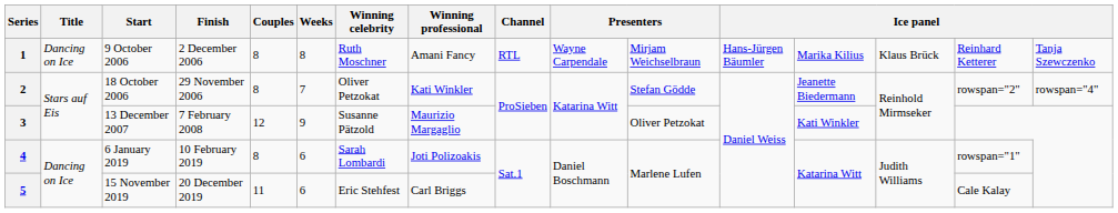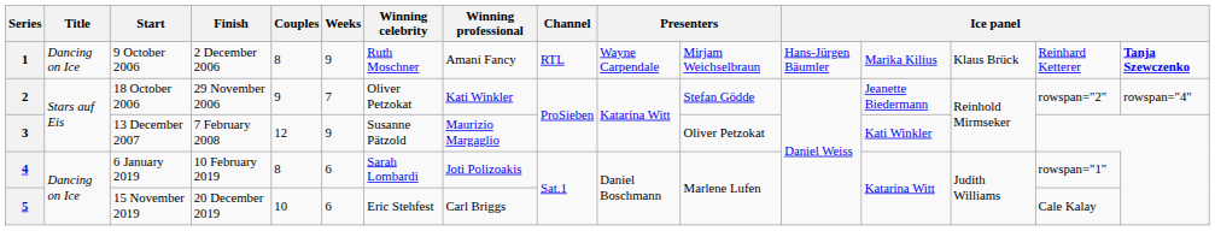 <table class="wikitable" style="font-size:85%; width:100%;">
 <tr>
 <th scope="col">Series</th>
 <th scope="col">Title</th>
 <th scope="col">Start</th>
 <th scope="col">Finish</th>
 <th scope="col">Couples</th>
 <th scope="col">Weeks</th>
 <th scope="col">Winning celebrity</th>
 <th scope="col!">Winning professional</th>
 <th scope="col">Channel</th>
 <th scope="col" colspan="2">Presenters</th>
 <th scope="col" colspan="5">Ice panel</th>
 </tr>
 <tr>
 <th scope="row">1</th>
 <td><em>Dancing on Ice</em></td>
 <td>9 October 2006</td>
 <td>2 December 2006</td>
 <td>8</td>
-<td>8</td>
+<td>9</td>
 <td><a href='#'>Ruth Moschner</a></td>
 <td>Amani Fancy</td>
 <td><a href='#'>RTL</a></td>
 <td><a href='#'>Wayne Carpendale</a></td>
 <td><a href='#'>Mirjam Weichselbraun</a></td>
 <td><a href='#'>Hans-Jürgen Bäumler</a></td>
 <td><a href='#'>Marika Kilius</a></td>
 <td>Klaus Brück</td>
 <td><a href='#'>Reinhard Ketterer</a></td>
-<td><a href='#'>Tanja Szewczenko</a></td>
+<td><strong><a href='#'>Tanja Szewczenko</a></strong></td>
 </tr>
 <tr>
 <th scope="row">2</th>
 <td rowspan="2"><em>Stars auf Eis</em></td>
 <td>18 October 2006</td>
 <td>29 November 2006</td>
-<td>8</td>
+<td>9</td>
 <td>7</td>
 <td>Oliver Petzokat</td>
 <td><a href='#'>Kati Winkler</a></td>
 <td rowspan="2"><a href='#'>ProSieben</a></td>
 <td rowspan="2"><a href='#'>Katarina Witt</a></td>
 <td><a href='#'>Stefan Gödde</a></td>
 <td rowspan="4"><a href='#'>Daniel Weiss</a></td>
 <td><a href='#'>Jeanette Biedermann</a></td>
 <td rowspan="2">Reinhold Mirmseker</td>
 <td>rowspan="2" </td>
 <td>rowspan="4" </td>
 </tr>
 <tr>
 <th scope="row">3</th>
 <td>13 December 2007</td>
 <td>7 February 2008</td>
 <td>12</td>
 <td>9</td>
 <td>Susanne Pätzold</td>
 <td><a href='#'>Maurizio Margaglio</a></td>
 <td>Oliver Petzokat</td>
 <td><a href='#'>Kati Winkler</a></td>
 </tr>
 <tr>
 <th scope="col"><a href='#'>4</a></th>
 <td rowspan="2"><em>Dancing on Ice</em></td>
 <td>6 January 2019</td>
 <td>10 February 2019</td>
 <td>8</td>
 <td>6</td>
 <td><a href='#'>Sarah Lombardi</a></td>
 <td><a href='#'>Joti Polizoakis</a></td>
 <td rowspan="2"><a href='#'>Sat.1</a></td>
 <td rowspan="2">Daniel Boschmann</td>
 <td rowspan="2">Marlene Lufen</td>
 <td rowspan="2"><a href='#'>Katarina Witt</a></td>
 <td rowspan="2">Judith Williams</td>
 <td>rowspan="1" </td>
 </tr>
 <tr>
 <th scope="col"><a href='#'>5</a></th>
 <td>15 November 2019</td>
 <td>20 December 2019</td>
-<td>11</td>
+<td>10</td>
 <td>6</td>
 <td>Eric Stehfest</td>
 <td>Carl Briggs</td>
 <td>Cale Kalay</td>
 </tr>
 </table>
